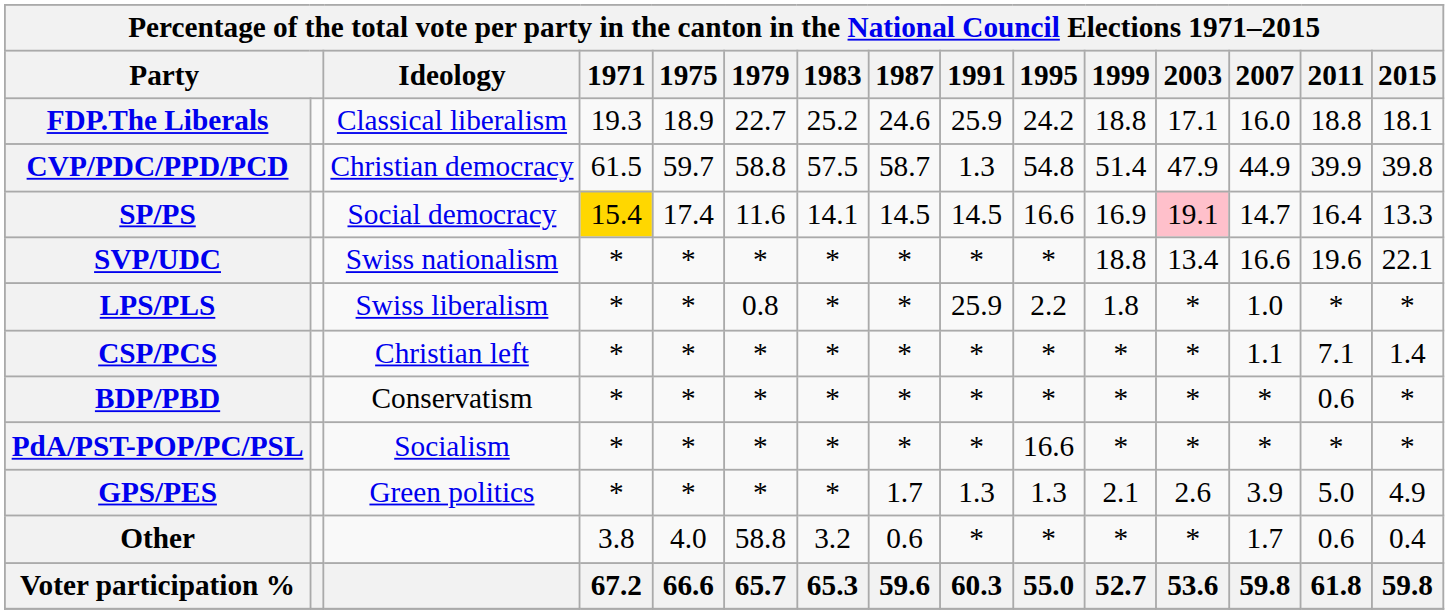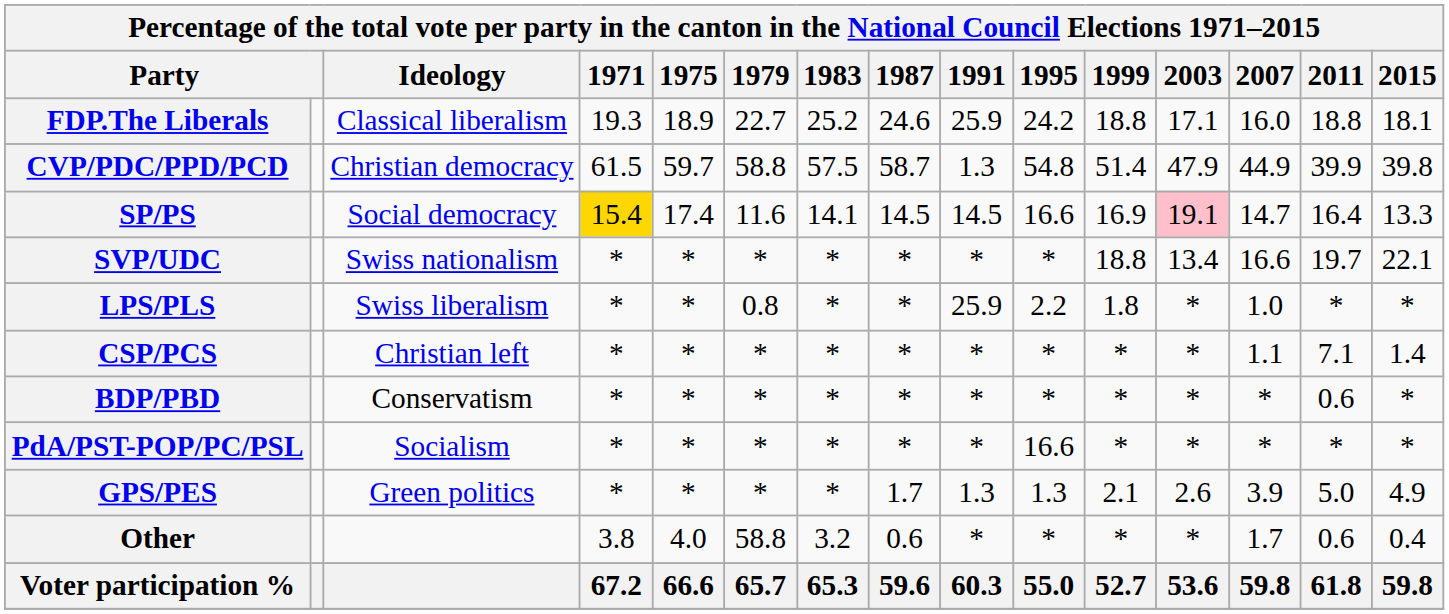 <table class="wikitable sortable" style ="text-align: center">
 <tr>
 <th colspan="15">Percentage of the total vote per party in the canton in the <a href='#'>National Council</a> Elections 1971–2015</th>
 </tr>
 <tr>
 <th colspan="2">Party</th>
 <th class="unsortable">Ideology</th>
 <th data-sort-type=number>1971</th>
 <th data-sort-type=number>1975</th>
 <th data-sort-type=number>1979</th>
 <th data-sort-type=number>1983</th>
 <th data-sort-type=number>1987</th>
 <th data-sort-type=number>1991</th>
 <th data-sort-type=number>1995</th>
 <th data-sort-type=number>1999</th>
 <th data-sort-type=number>2003</th>
 <th data-sort-type=number>2007</th>
 <th data-sort-type=number>2011</th>
 <th data-sort-type=number>2015</th>
 </tr>
 <tr>
 <th><a href='#'>FDP.The Liberals</a></th>
 <td></td>
 <td><a href='#'>Classical liberalism</a></td>
 <td>19.3</td>
 <td>18.9</td>
 <td>22.7</td>
 <td>25.2</td>
 <td>24.6</td>
 <td>25.9</td>
 <td>24.2</td>
 <td>18.8</td>
 <td>17.1</td>
 <td>16.0</td>
 <td>18.8</td>
 <td>18.1</td>
 </tr>
 <tr>
 <th><a href='#'>CVP/PDC/PPD/PCD</a></th>
 <td></td>
 <td><a href='#'>Christian democracy</a></td>
 <td>61.5</td>
 <td>59.7</td>
 <td>58.8</td>
 <td>57.5</td>
 <td>58.7</td>
 <td>1.3</td>
 <td>54.8</td>
 <td>51.4</td>
 <td>47.9</td>
 <td>44.9</td>
 <td>39.9</td>
 <td>39.8</td>
 </tr>
 <tr>
 <th><a href='#'>SP/PS</a></th>
 <td></td>
 <td><a href='#'>Social democracy</a></td>
 <td style="background: gold;">15.4</td>
 <td>17.4</td>
 <td>11.6</td>
 <td>14.1</td>
 <td>14.5</td>
 <td>14.5</td>
 <td>16.6</td>
 <td>16.9</td>
 <td style="background: pink;">19.1</td>
 <td>14.7</td>
 <td>16.4</td>
 <td>13.3</td>
 </tr>
 <tr>
 <th><a href='#'>SVP/UDC</a></th>
 <td></td>
 <td><a href='#'>Swiss nationalism</a></td>
 <td>* </td>
 <td>*</td>
 <td>*</td>
 <td>*</td>
 <td>*</td>
 <td>*</td>
 <td>*</td>
 <td>18.8</td>
 <td>13.4</td>
 <td>16.6</td>
-<td>19.6</td>
+<td>19.7</td>
 <td>22.1</td>
 </tr>
 <tr>
 <th><a href='#'>LPS/PLS</a></th>
 <td></td>
 <td><a href='#'>Swiss liberalism</a></td>
 <td>*</td>
 <td>*</td>
 <td>0.8</td>
 <td>*</td>
 <td>*</td>
 <td>25.9</td>
 <td>2.2</td>
 <td>1.8</td>
 <td>*</td>
 <td>1.0</td>
 <td>*</td>
 <td>*</td>
 </tr>
 <tr>
 <th><a href='#'>CSP/PCS</a></th>
 <td></td>
 <td><a href='#'>Christian left</a></td>
 <td>*</td>
 <td>*</td>
 <td>*</td>
 <td>*</td>
 <td>*</td>
 <td>*</td>
 <td>*</td>
 <td>*</td>
 <td>*</td>
 <td>1.1</td>
 <td>7.1</td>
 <td>1.4</td>
 </tr>
 <tr>
 <th><a href='#'>BDP/PBD</a></th>
 <td></td>
 <td>Conservatism</td>
 <td>*</td>
 <td>*</td>
 <td>*</td>
 <td>*</td>
 <td>*</td>
 <td>*</td>
 <td>*</td>
 <td>*</td>
 <td>*</td>
 <td>*</td>
 <td>0.6</td>
 <td>*</td>
 </tr>
 <tr>
 <th><a href='#'>PdA/PST-POP/PC/PSL</a></th>
 <td></td>
 <td><a href='#'>Socialism</a></td>
 <td>*</td>
 <td>*</td>
 <td>*</td>
 <td>*</td>
 <td>*</td>
 <td>*</td>
 <td>16.6</td>
 <td>*</td>
 <td>*</td>
 <td>*</td>
 <td>*</td>
 <td>*</td>
 </tr>
 <tr>
 <th><a href='#'>GPS/PES</a></th>
 <td></td>
 <td><a href='#'>Green politics</a></td>
 <td>*</td>
 <td>*</td>
 <td>*</td>
 <td>*</td>
 <td>1.7</td>
 <td>1.3</td>
 <td>1.3</td>
 <td>2.1</td>
 <td>2.6</td>
 <td>3.9</td>
 <td>5.0</td>
 <td>4.9</td>
 </tr>
 <tr>
 <th>Other</th>
 <td></td>
 <td></td>
 <td>3.8</td>
 <td>4.0</td>
 <td>58.8</td>
 <td>3.2</td>
 <td>0.6</td>
 <td>*</td>
 <td>*</td>
 <td>*</td>
 <td>*</td>
 <td>1.7</td>
 <td>0.6</td>
 <td>0.4</td>
 </tr>
 <tr>
 <th>Voter participation %</th>
 <th></th>
 <th></th>
 <th>67.2</th>
 <th>66.6</th>
 <th>65.7</th>
 <th>65.3</th>
 <th>59.6</th>
 <th>60.3</th>
 <th>55.0</th>
 <th>52.7</th>
 <th>53.6</th>
 <th>59.8</th>
 <th>61.8</th>
 <th>59.8</th>
 </tr>
 <tr>
 </tr>
 </table>
